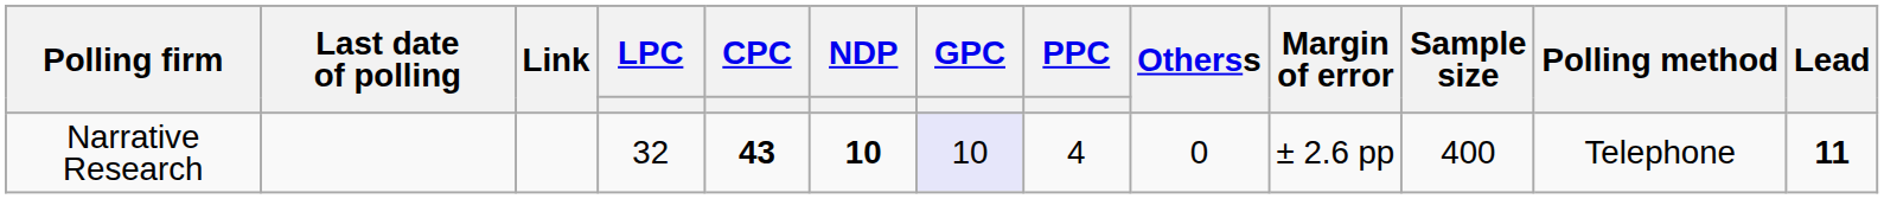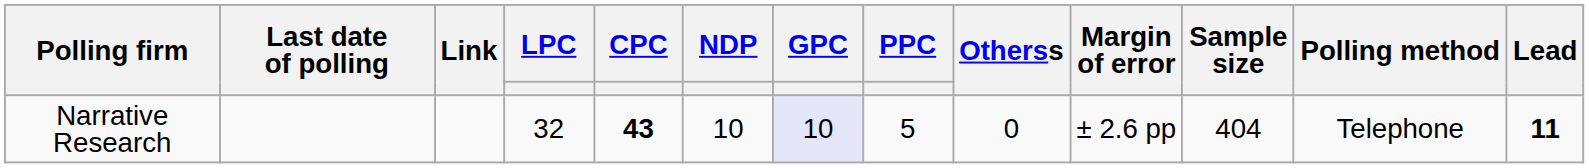 <table class="wikitable sortable mw-datatable" style="text-align:center;font-size:90%;line-height:14px;">
 <tr style="height:40px;">
 <th style="width:105px;" rowspan="2">Polling firm</th>
 <th style="width:105px;" rowspan="2">Last date<br>of polling</th>
 <th rowspan="2">Link</th>
 <th style="width:40px;"><a href='#'>LPC</a></th>
 <th style="width:40px;"><a href='#'>CPC</a></th>
 <th style="width:40px;"><a href='#'>NDP</a></th>
 <th style="width:40px;"><a href='#'>GPC</a></th>
 <th style="width:40px;"><a href='#'>PPC</a></th>
 <th rowspan="2" style="width:40px"><a href='#'>Others</a>s</th>
 <th rowspan="2">Margin<br>of error</th>
 <th rowspan="2">Sample<br>size</th>
 <th rowspan="2">Polling method</th>
 <th rowspan="2">Lead</th>
 </tr>
 <tr class="sorttop">
 <th style="background:"></th>
 <th style="background:"></th>
 <th style="background:"></th>
 <th style="background:"></th>
 <th style="background:"></th>
 </tr>
 <tr>
 <td>Narrative Research</td>
 <td></td>
 <td></td>
 <td>32</td>
 <td><strong>43</strong></td>
-<td><strong>10</strong></td>
+<td>10</td>
 <td style="background: lavender;">10</td>
-<td>4</td>
+<td>5</td>
 <td>0</td>
 <td>± 2.6 pp</td>
-<td>400</td>
+<td>404</td>
 <td>Telephone</td>
 <td><strong>11</strong></td>
 </tr>
 </table>
